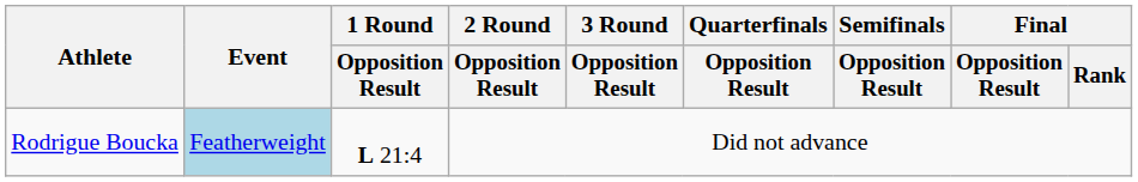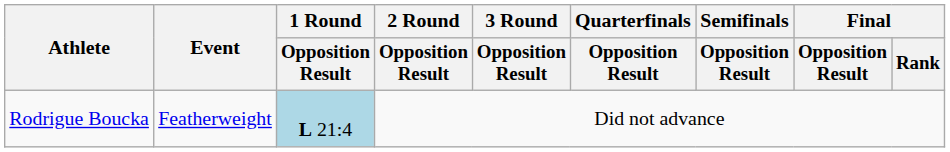 <table class="wikitable" style="font-size:90%">
 <tr>
 <th rowspan="2">Athlete</th>
 <th rowspan="2">Event</th>
 <th>1 Round</th>
 <th>2 Round</th>
 <th>3 Round</th>
 <th>Quarterfinals</th>
 <th>Semifinals</th>
 <th colspan=2>Final</th>
 </tr>
 <tr style="font-size:95%">
 <th>Opposition<br>Result</th>
 <th>Opposition<br>Result</th>
 <th>Opposition<br>Result</th>
 <th>Opposition<br>Result</th>
 <th>Opposition<br>Result</th>
 <th>Opposition<br>Result</th>
 <th>Rank</th>
 </tr>
 <tr align=center>
 <td align=left><a href='#'>Rodrigue Boucka</a></td>
-<td align=left style="background: lightblue;"><a href='#'>Featherweight</a></td>
-<td><br><strong>L</strong> 21:4</td>
+<td align=left><a href='#'>Featherweight</a></td>
+<td style="background: lightblue;"><br><strong>L</strong> 21:4</td>
 <td colspan=7>Did not advance</td>
 </tr>
 </table>
